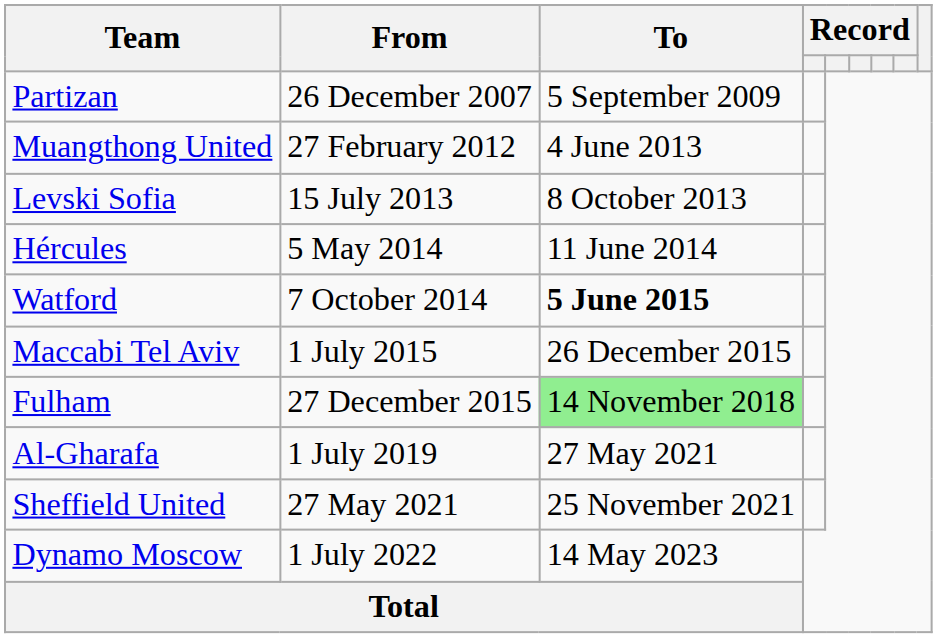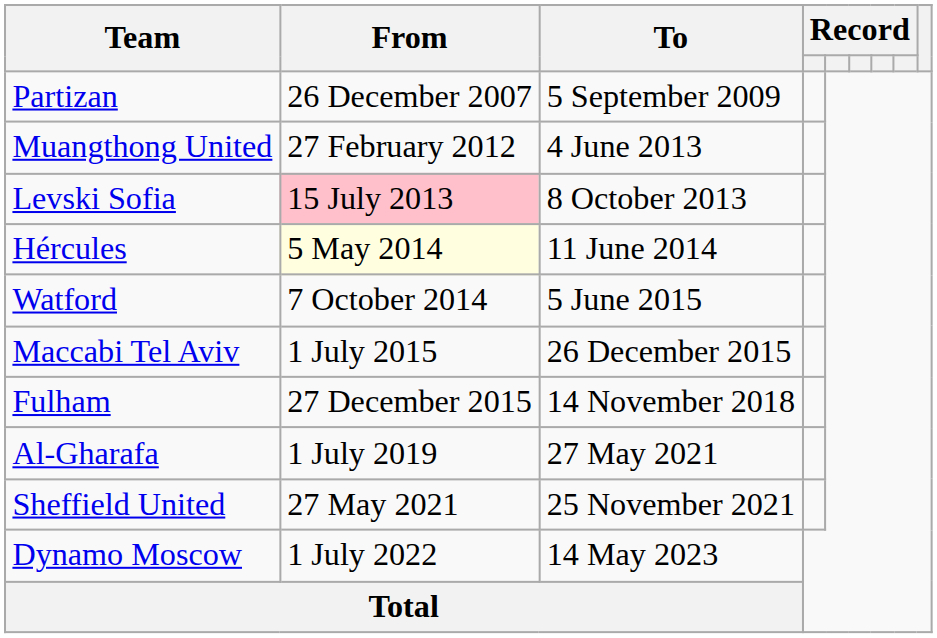 <table class=wikitable style="text-align:center">
 <tr>
 <th rowspan=2>Team</th>
 <th rowspan=2>From</th>
 <th rowspan=2>To</th>
 <th colspan=5>Record</th>
 <th rowspan=2></th>
 </tr>
 <tr>
 <th></th>
 <th></th>
 <th></th>
 <th></th>
 <th></th>
 </tr>
 <tr>
 <td align=left><a href='#'>Partizan</a></td>
 <td align=left>26 December 2007</td>
 <td align=left>5 September 2009<br></td>
 <td></td>
 </tr>
 <tr>
 <td align=left><a href='#'>Muangthong United</a></td>
 <td align=left>27 February 2012</td>
 <td align=left>4 June 2013<br></td>
 <td></td>
 </tr>
 <tr>
 <td align=left><a href='#'>Levski Sofia</a></td>
-<td align=left>15 July 2013</td>
+<td align=left style="background: pink;">15 July 2013</td>
 <td align=left>8 October 2013<br></td>
 <td></td>
 </tr>
 <tr>
 <td align=left><a href='#'>Hércules</a></td>
-<td align=left>5 May 2014</td>
+<td align=left style="background: lightyellow;">5 May 2014</td>
 <td align=left>11 June 2014<br></td>
 <td></td>
 </tr>
 <tr>
 <td align=left><a href='#'>Watford</a></td>
 <td align=left>7 October 2014</td>
-<td align=left><strong>5 June 2015<br></strong></td>
+<td align=left>5 June 2015<br></td>
 <td></td>
 </tr>
 <tr>
 <td align=left><a href='#'>Maccabi Tel Aviv</a></td>
 <td align=left>1 July 2015</td>
 <td align=left>26 December 2015<br></td>
 <td></td>
 </tr>
 <tr>
 <td align=left><a href='#'>Fulham</a></td>
 <td align=left>27 December 2015</td>
-<td align=left style="background: lightgreen;">14 November 2018<br></td>
+<td align=left>14 November 2018<br></td>
 <td></td>
 </tr>
 <tr>
 <td align=left><a href='#'>Al-Gharafa</a></td>
 <td align=left>1 July 2019</td>
 <td align=left>27 May 2021<br></td>
 <td></td>
 </tr>
 <tr>
 <td align=left><a href='#'>Sheffield United</a></td>
 <td align=left>27 May 2021</td>
 <td align=left>25 November 2021<br></td>
 <td></td>
 </tr>
 <tr>
 <td align=left><a href='#'>Dynamo Moscow</a></td>
 <td align=left>1 July 2022</td>
 <td align=left>14 May 2023<br></td>
 </tr>
 <tr>
 <th colspan=3>Total<br></th>
 </tr>
 </table>
